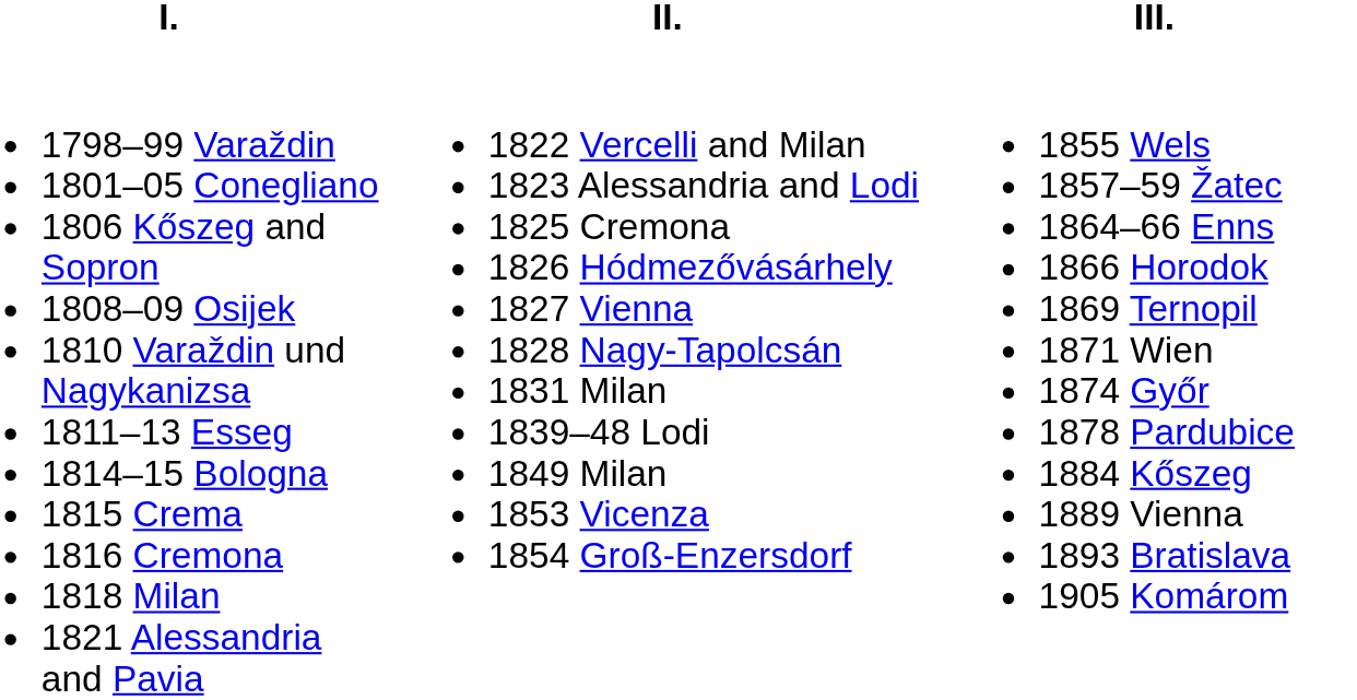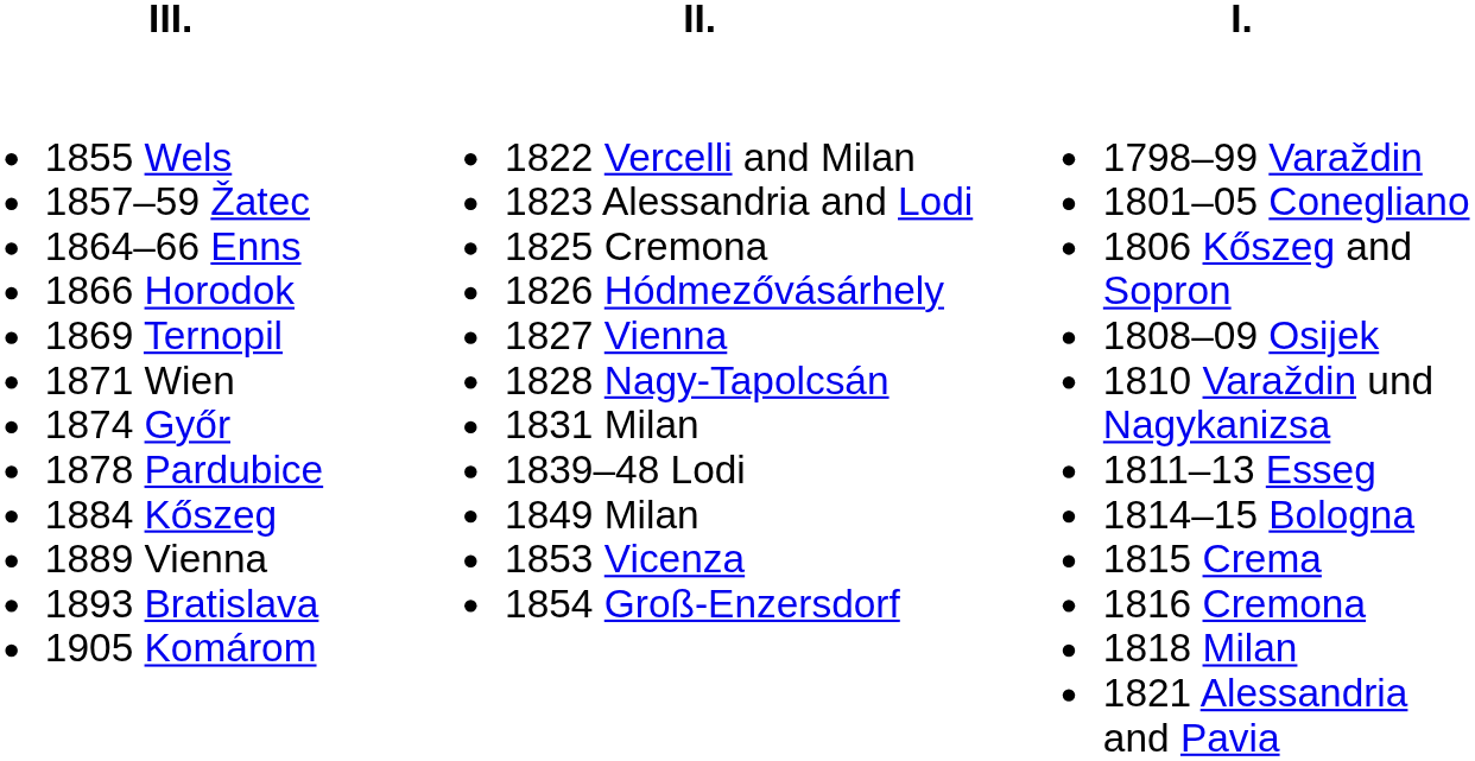 <table style="width:100%;">
 <tr>
+<th>III.</th>
+<th>II.</th>
 <th>I.</th>
-<th>II.</th>
-<th>III.</th>
 </tr>
 <tr>
+<td valign="top" width="20%"><br><ul><li>1855 <a href='#'>Wels</a></li><li>1857–59 <a href='#'>Žatec</a></li><li>1864–66 <a href='#'>Enns</a></li><li>1866 <a href='#'>Horodok</a></li><li>1869 <a href='#'>Ternopil</a></li><li>1871 Wien</li><li>1874 <a href='#'>Győr</a></li><li>1878 <a href='#'>Pardubice</a></li><li>1884 <a href='#'>Kőszeg</a></li><li>1889 Vienna</li><li>1893 <a href='#'>Bratislava</a></li><li>1905 <a href='#'>Komárom</a></li></ul></td>
+<td valign="top" width="20%"><br><ul><li>1822 <a href='#'>Vercelli</a> and Milan</li><li>1823 Alessandria and <a href='#'>Lodi</a></li><li>1825 Cremona</li><li>1826 <a href='#'>Hódmezővásárhely</a></li><li>1827 <a href='#'>Vienna</a></li><li>1828 <a href='#'>Nagy-Tapolcsán</a></li><li>1831 Milan</li><li>1839–48 Lodi</li><li>1849 Milan</li><li>1853 <a href='#'>Vicenza</a></li><li>1854 <a href='#'>Groß-Enzersdorf</a></li></ul></td>
 <td valign="top" width="20%"><br><ul><li>1798–99 <a href='#'>Varaždin</a></li><li>1801–05 <a href='#'>Conegliano</a></li><li>1806 <a href='#'>Kőszeg</a> and <a href='#'>Sopron</a></li><li>1808–09 <a href='#'>Osijek</a></li><li>1810 <a href='#'>Varaždin</a> und <a href='#'>Nagykanizsa</a></li><li>1811–13 <a href='#'>Esseg</a></li><li>1814–15 <a href='#'>Bologna</a></li><li>1815 <a href='#'>Crema</a></li><li>1816 <a href='#'>Cremona</a></li><li>1818 <a href='#'>Milan</a></li><li>1821 <a href='#'>Alessandria</a> and <a href='#'>Pavia</a></li></ul></td>
-<td valign="top" width="20%"><br><ul><li>1822 <a href='#'>Vercelli</a> and Milan</li><li>1823 Alessandria and <a href='#'>Lodi</a></li><li>1825 Cremona</li><li>1826 <a href='#'>Hódmezővásárhely</a></li><li>1827 <a href='#'>Vienna</a></li><li>1828 <a href='#'>Nagy-Tapolcsán</a></li><li>1831 Milan</li><li>1839–48 Lodi</li><li>1849 Milan</li><li>1853 <a href='#'>Vicenza</a></li><li>1854 <a href='#'>Groß-Enzersdorf</a></li></ul></td>
-<td valign="top" width="20%"><br><ul><li>1855 <a href='#'>Wels</a></li><li>1857–59 <a href='#'>Žatec</a></li><li>1864–66 <a href='#'>Enns</a></li><li>1866 <a href='#'>Horodok</a></li><li>1869 <a href='#'>Ternopil</a></li><li>1871 Wien</li><li>1874 <a href='#'>Győr</a></li><li>1878 <a href='#'>Pardubice</a></li><li>1884 <a href='#'>Kőszeg</a></li><li>1889 Vienna</li><li>1893 <a href='#'>Bratislava</a></li><li>1905 <a href='#'>Komárom</a></li></ul></td>
 </tr>
 </table>
